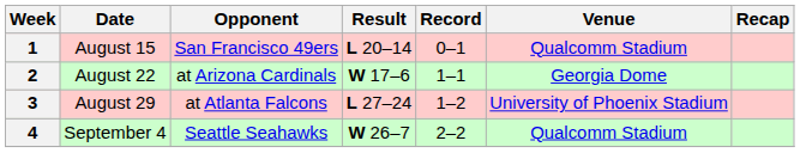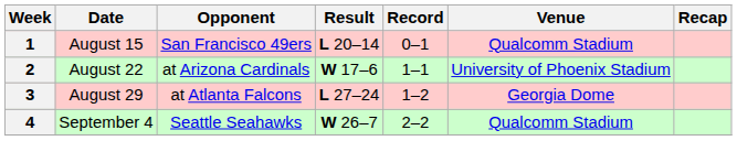 <table class="wikitable" style="text-align:center">
 <tr>
 <th>Week</th>
 <th>Date</th>
 <th>Opponent</th>
 <th>Result</th>
 <th>Record</th>
 <th>Venue</th>
 <th>Recap</th>
 </tr>
 <tr style="background:#fcc">
 <th>1</th>
 <td>August 15</td>
 <td><a href='#'>San Francisco 49ers</a></td>
 <td><strong>L</strong> 20–14</td>
 <td>0–1</td>
 <td><a href='#'>Qualcomm Stadium</a></td>
 <td></td>
 </tr>
 <tr style="background:#cfc">
 <th>2</th>
 <td>August 22</td>
 <td>at <a href='#'>Arizona Cardinals</a></td>
 <td><strong>W</strong> 17–6</td>
 <td>1–1</td>
-<td><a href='#'>Georgia Dome</a></td>
+<td><a href='#'>University of Phoenix Stadium</a></td>
 <td></td>
 </tr>
 <tr style="background:#fcc">
 <th>3</th>
 <td>August 29</td>
 <td>at <a href='#'>Atlanta Falcons</a></td>
 <td><strong>L</strong> 27–24</td>
 <td>1–2</td>
-<td><a href='#'>University of Phoenix Stadium</a></td>
+<td><a href='#'>Georgia Dome</a></td>
 <td></td>
 </tr>
 <tr style="background:#cfc">
 <th>4</th>
 <td>September 4</td>
 <td><a href='#'>Seattle Seahawks</a></td>
 <td><strong>W</strong> 26–7</td>
 <td>2–2</td>
 <td><a href='#'>Qualcomm Stadium</a></td>
 <td></td>
 </tr>
 <tr>
 </tr>
 </table>
